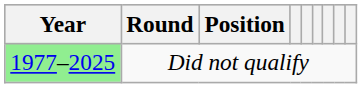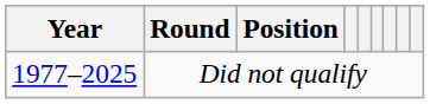 <table class="wikitable" style="text-align: center;font-size:90%;">
 <tr>
 <th>Year</th>
 <th>Round</th>
 <th>Position</th>
 <th></th>
 <th></th>
 <th></th>
 <th></th>
 <th></th>
 <th></th>
 </tr>
 <tr>
-<td style="background: lightgreen;"><a href='#'>1977</a>–<a href='#'>2025</a></td>
+<td><a href='#'>1977</a>–<a href='#'>2025</a></td>
 <td colspan=8 rowspan=1><em>Did not qualify</em></td>
 </tr>
 </table>
